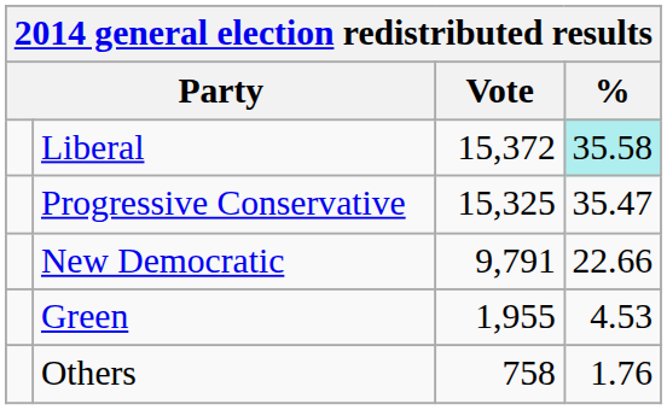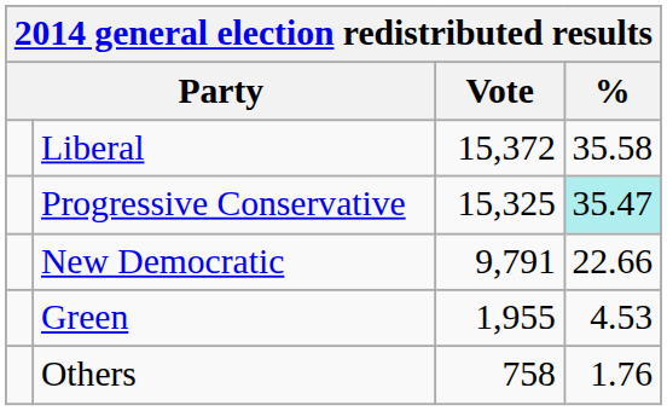 <table class="wikitable">
 <tr>
 <th colspan="4"><a href='#'>2014 general election</a> redistributed results</th>
 </tr>
 <tr>
 <th bgcolor="#DDDDFF" width="130px" colspan="2">Party</th>
 <th bgcolor="#DDDDFF" width="50px">Vote</th>
 <th bgcolor="#DDDDFF" width="30px">%</th>
 </tr>
 <tr>
 <td> </td>
 <td><a href='#'>Liberal</a></td>
 <td align=right>15,372</td>
-<td align=right style="background: paleturquoise;">35.58</td>
+<td align=right>35.58</td>
 </tr>
 <tr>
 <td> </td>
 <td><a href='#'>Progressive Conservative</a></td>
 <td align=right>15,325</td>
-<td align=right>35.47</td>
+<td align=right style="background: paleturquoise;">35.47</td>
 </tr>
 <tr>
 <td> </td>
 <td><a href='#'>New Democratic</a></td>
 <td align=right>9,791</td>
 <td align=right>22.66</td>
 </tr>
 <tr>
 <td> </td>
 <td><a href='#'>Green</a></td>
 <td align=right>1,955</td>
 <td align=right>4.53</td>
 </tr>
 <tr>
 <td> </td>
 <td>Others</td>
 <td align=right>758</td>
 <td align=right>1.76</td>
 </tr>
 </table>
